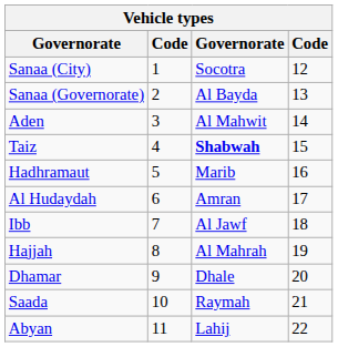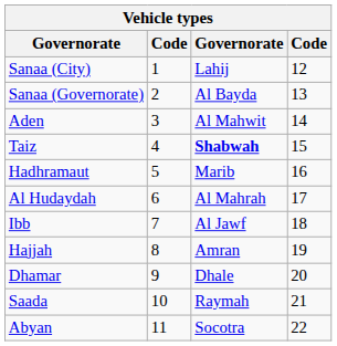 <table class="wikitable">
 <tr>
 <th colspan="4">Vehicle types</th>
 </tr>
 <tr>
 <th>Governorate</th>
 <th>Code</th>
 <th>Governorate</th>
 <th>Code</th>
 </tr>
 <tr>
 <td><a href='#'>Sanaa (City)</a></td>
 <td>1</td>
-<td><a href='#'>Socotra</a></td>
+<td><a href='#'>Lahij</a></td>
 <td>12</td>
 </tr>
 <tr>
 <td><a href='#'>Sanaa (Governorate)</a></td>
 <td>2</td>
 <td><a href='#'>Al Bayda</a></td>
 <td>13</td>
 </tr>
 <tr>
 <td><a href='#'>Aden</a></td>
 <td>3</td>
 <td><a href='#'>Al Mahwit</a></td>
 <td>14</td>
 </tr>
 <tr>
 <td><a href='#'>Taiz</a></td>
 <td>4</td>
 <td><strong><a href='#'>Shabwah</a></strong></td>
 <td>15</td>
 </tr>
 <tr>
 <td><a href='#'>Hadhramaut</a></td>
 <td>5</td>
 <td><a href='#'>Marib</a></td>
 <td>16</td>
 </tr>
 <tr>
 <td><a href='#'>Al Hudaydah</a></td>
 <td>6</td>
-<td><a href='#'>Amran</a></td>
+<td><a href='#'>Al Mahrah</a></td>
 <td>17</td>
 </tr>
 <tr>
 <td><a href='#'>Ibb</a></td>
 <td>7</td>
 <td><a href='#'>Al Jawf</a></td>
 <td>18</td>
 </tr>
 <tr>
 <td><a href='#'>Hajjah</a></td>
 <td>8</td>
-<td><a href='#'>Al Mahrah</a></td>
+<td><a href='#'>Amran</a></td>
 <td>19</td>
 </tr>
 <tr>
 <td><a href='#'>Dhamar</a></td>
 <td>9</td>
 <td>‌<a href='#'>Dhale</a></td>
 <td>20</td>
 </tr>
 <tr>
 <td><a href='#'>Saada</a></td>
 <td>10</td>
 <td><a href='#'>Raymah</a></td>
 <td>21</td>
 </tr>
 <tr>
 <td><a href='#'>Abyan</a></td>
 <td>11</td>
-<td><a href='#'>Lahij</a></td>
+<td><a href='#'>Socotra</a></td>
 <td>22</td>
 </tr>
 </table>
